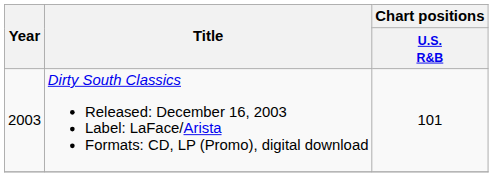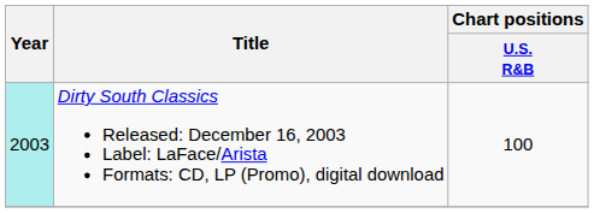 <table class="wikitable">
 <tr>
 <th rowspan="2">Year</th>
 <th rowspan="2">Title</th>
 <th colspan="3">Chart positions</th>
 </tr>
 <tr>
 <th><small><a href='#'>U.S. <br>R&B</a></small><br></th>
 </tr>
 <tr>
-<td>2003</td>
+<td style="background: paleturquoise;">2003</td>
 <td><em><a href='#'>Dirty South Classics</a></em><br><ul><li>Released: December 16, 2003</li><li>Label: LaFace/<a href='#'>Arista</a></li><li>Formats: CD, LP (Promo), digital download</li></ul></td>
-<td align="center">101</td>
+<td align="center">100</td>
 </tr>
 <tr>
 </tr>
 </table>
